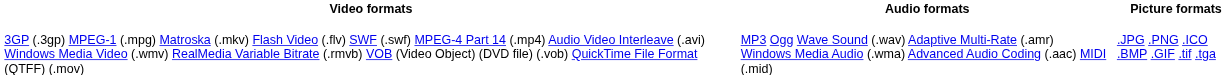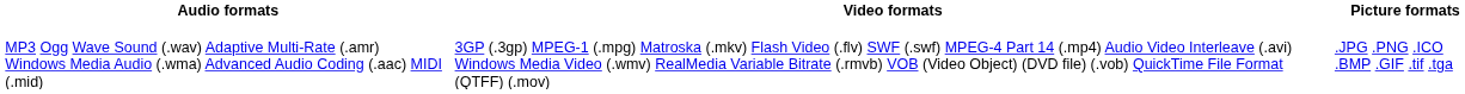 <table style="vertical-align: top;">
 <tr>
+<th>Audio formats</th>
 <th>Video formats</th>
-<th>Audio formats</th>
 <th>Picture formats</th>
 </tr>
 <tr>
+<td style="padding-right:10px; vertical-align: top;"><br><a href='#'>MP3</a> <a href='#'>Ogg</a> <a href='#'>Wave Sound</a> (.wav) <a href='#'>Adaptive Multi-Rate</a> (.amr) <a href='#'>Windows Media Audio</a> (.wma) <a href='#'>Advanced Audio Coding</a> (.aac) <a href='#'>MIDI</a> (.mid)</td>
 <td style="padding-right:10px; vertical-align: top;"><br><a href='#'>3GP</a> (.3gp) <a href='#'>MPEG-1</a> (.mpg) <a href='#'>Matroska</a> (.mkv) <a href='#'>Flash Video</a> (.flv) <a href='#'>SWF</a> (.swf) <a href='#'>MPEG-4 Part 14</a> (.mp4) <a href='#'>Audio Video Interleave</a> (.avi) <a href='#'>Windows Media Video</a> (.wmv) <a href='#'>RealMedia Variable Bitrate</a> (.rmvb) <a href='#'>VOB</a> (Video Object) (DVD file) (.vob) <a href='#'>QuickTime File Format</a> (QTFF) (.mov)</td>
-<td style="padding-right:10px; vertical-align: top;"><br><a href='#'>MP3</a> <a href='#'>Ogg</a> <a href='#'>Wave Sound</a> (.wav) <a href='#'>Adaptive Multi-Rate</a> (.amr) <a href='#'>Windows Media Audio</a> (.wma) <a href='#'>Advanced Audio Coding</a> (.aac) <a href='#'>MIDI</a> (.mid)</td>
 <td style="padding-right:10px; vertical-align: top;"><br><a href='#'>.JPG</a> <a href='#'>.PNG</a> <a href='#'>.ICO</a> <a href='#'>.BMP</a> <a href='#'>.GIF</a> <a href='#'>.tif</a> <a href='#'>.tga</a></td>
 </tr>
 </table>
